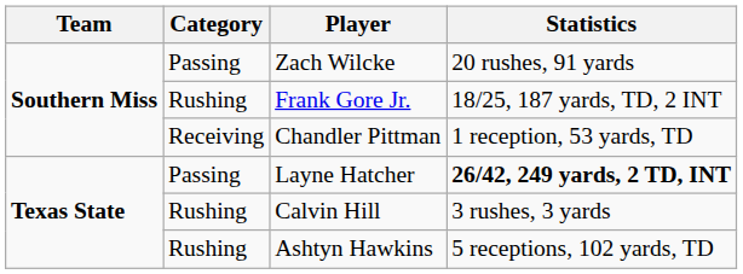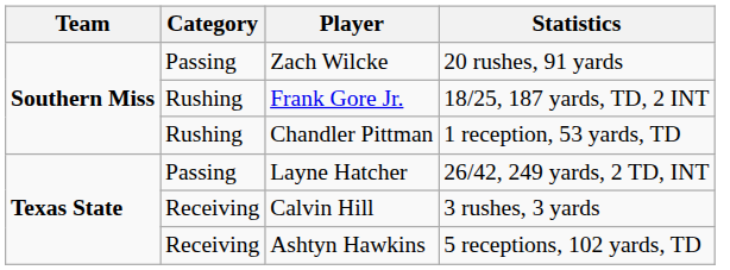 <table class="wikitable" style="float: left;">
 <tr>
 <th>Team</th>
 <th>Category</th>
 <th>Player</th>
 <th>Statistics</th>
 </tr>
 <tr>
 <td rowspan=3><strong>Southern Miss</strong></td>
 <td>Passing</td>
 <td>Zach Wilcke</td>
 <td>20 rushes, 91 yards</td>
 </tr>
 <tr>
 <td>Rushing</td>
 <td><a href='#'>Frank Gore Jr.</a></td>
 <td>18/25, 187 yards, TD, 2 INT</td>
 </tr>
 <tr>
-<td>Receiving</td>
+<td>Rushing</td>
 <td>Chandler Pittman</td>
 <td>1 reception, 53 yards, TD</td>
 </tr>
 <tr>
 <td rowspan=3><strong>Texas State</strong></td>
 <td>Passing</td>
 <td>Layne Hatcher</td>
-<td><strong>26/42, 249 yards, 2 TD, INT</strong></td>
+<td>26/42, 249 yards, 2 TD, INT</td>
 </tr>
 <tr>
-<td>Rushing</td>
+<td>Receiving</td>
 <td>Calvin Hill</td>
 <td>3 rushes, 3 yards</td>
 </tr>
 <tr>
-<td>Rushing</td>
+<td>Receiving</td>
 <td>Ashtyn Hawkins</td>
 <td>5 receptions, 102 yards, TD</td>
 </tr>
 </table>
